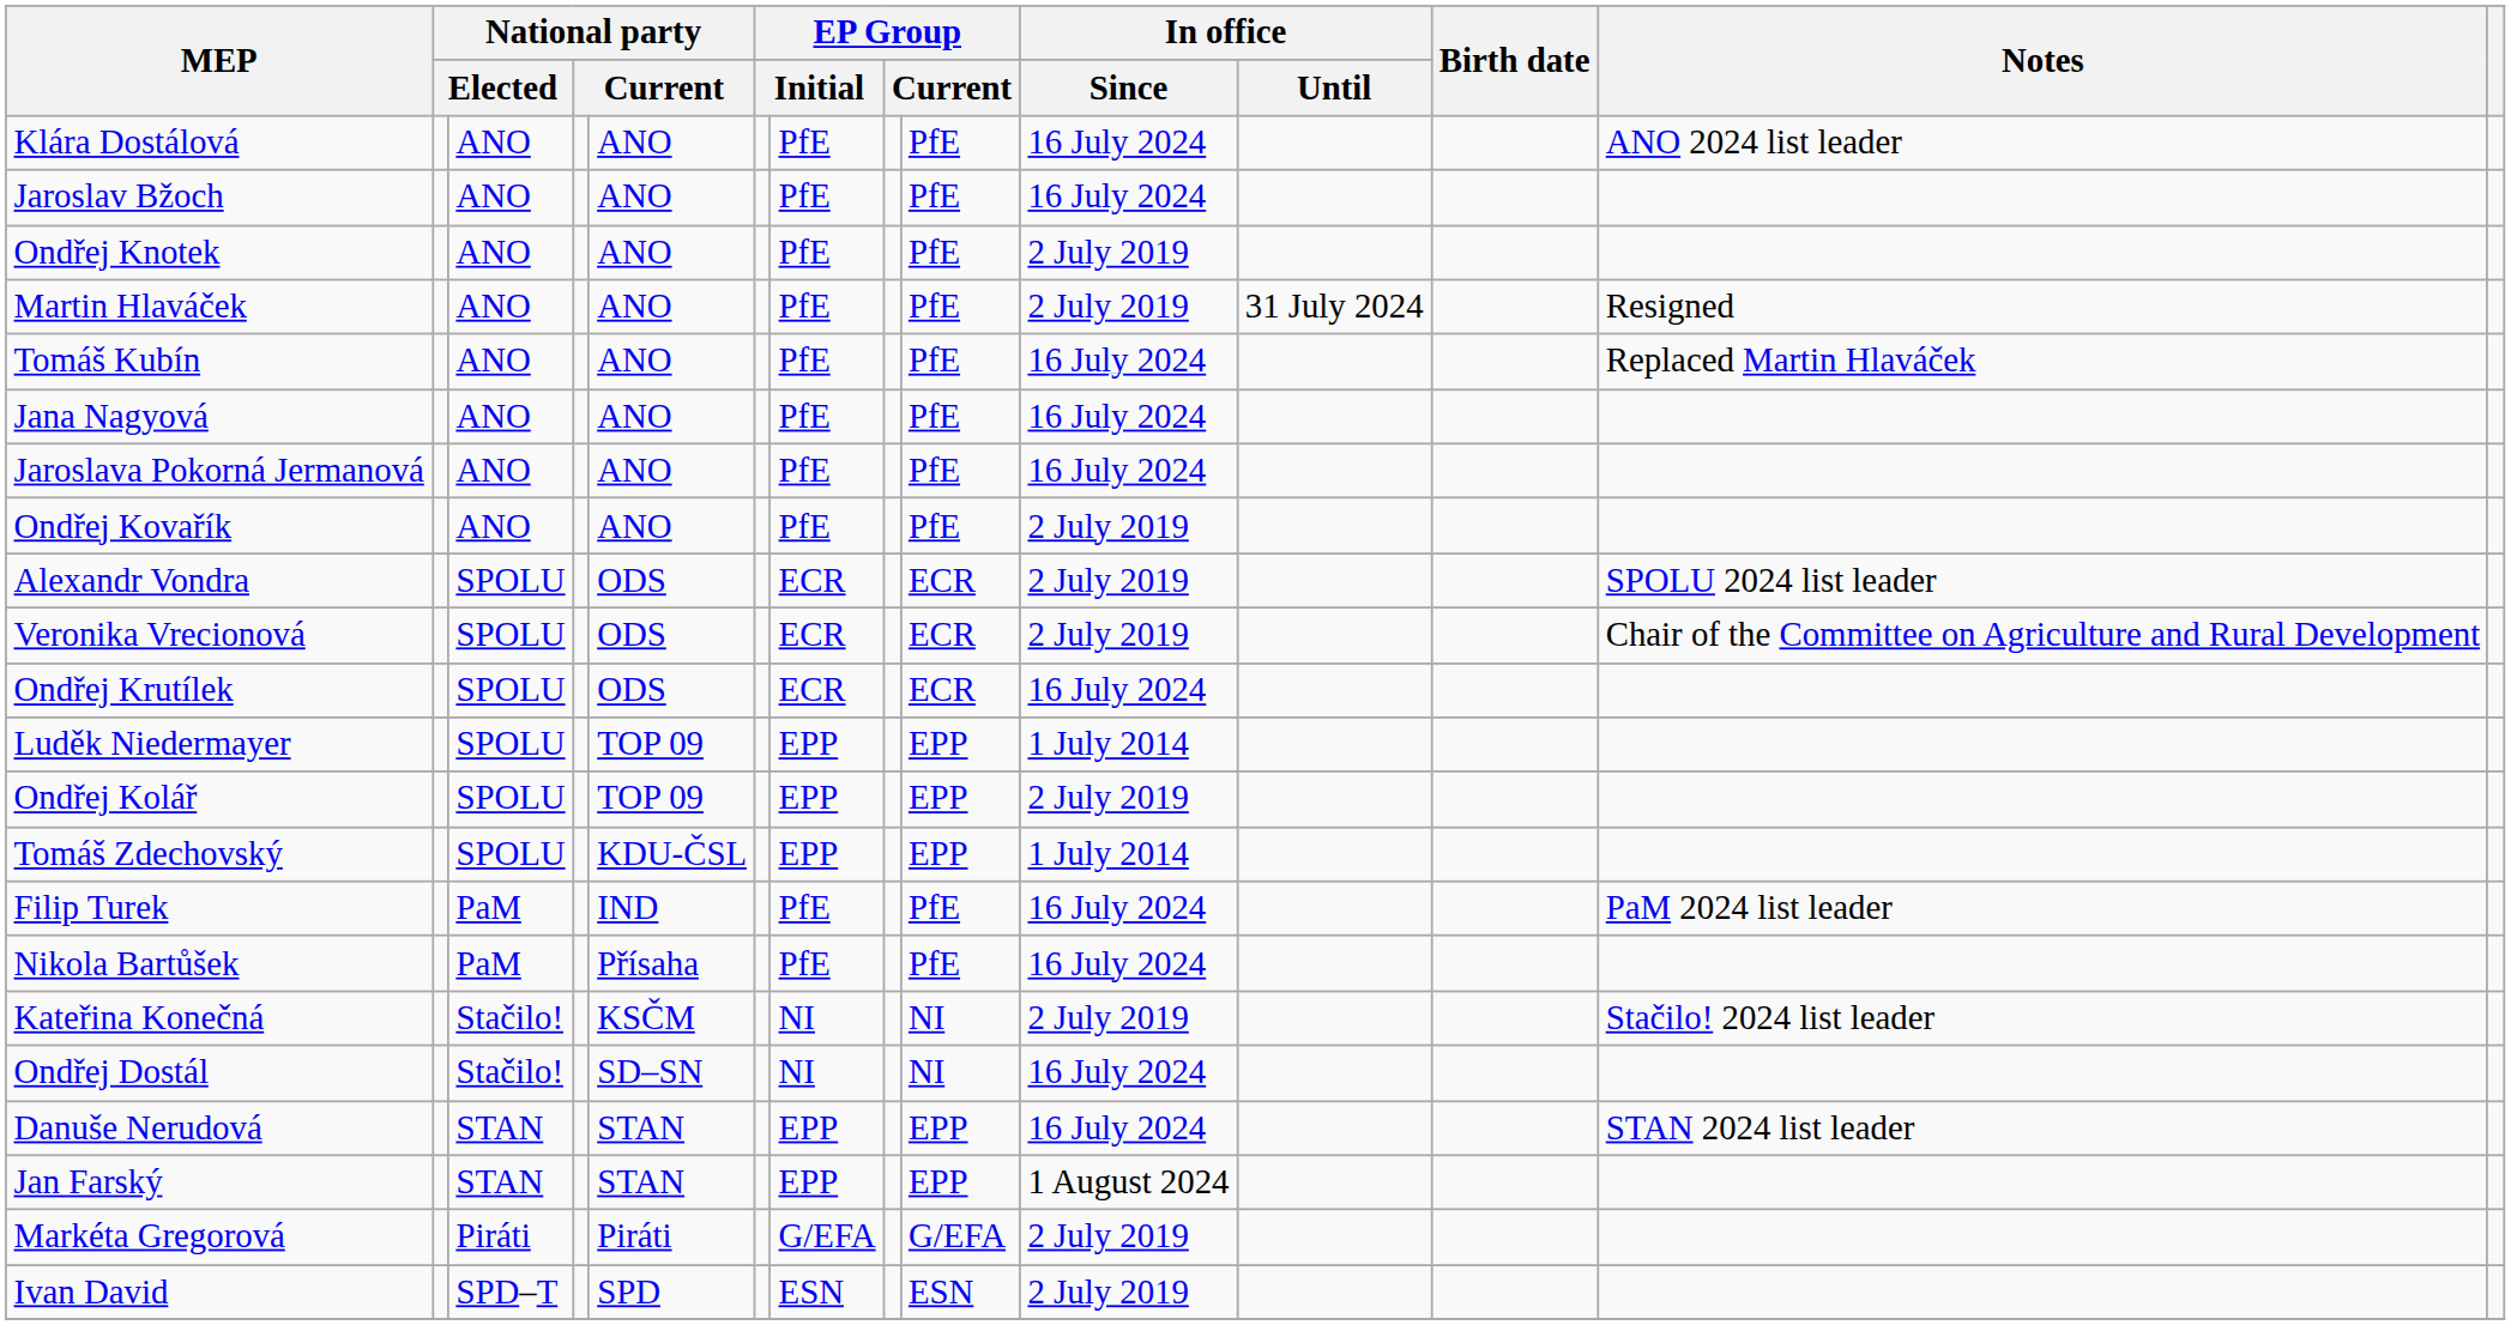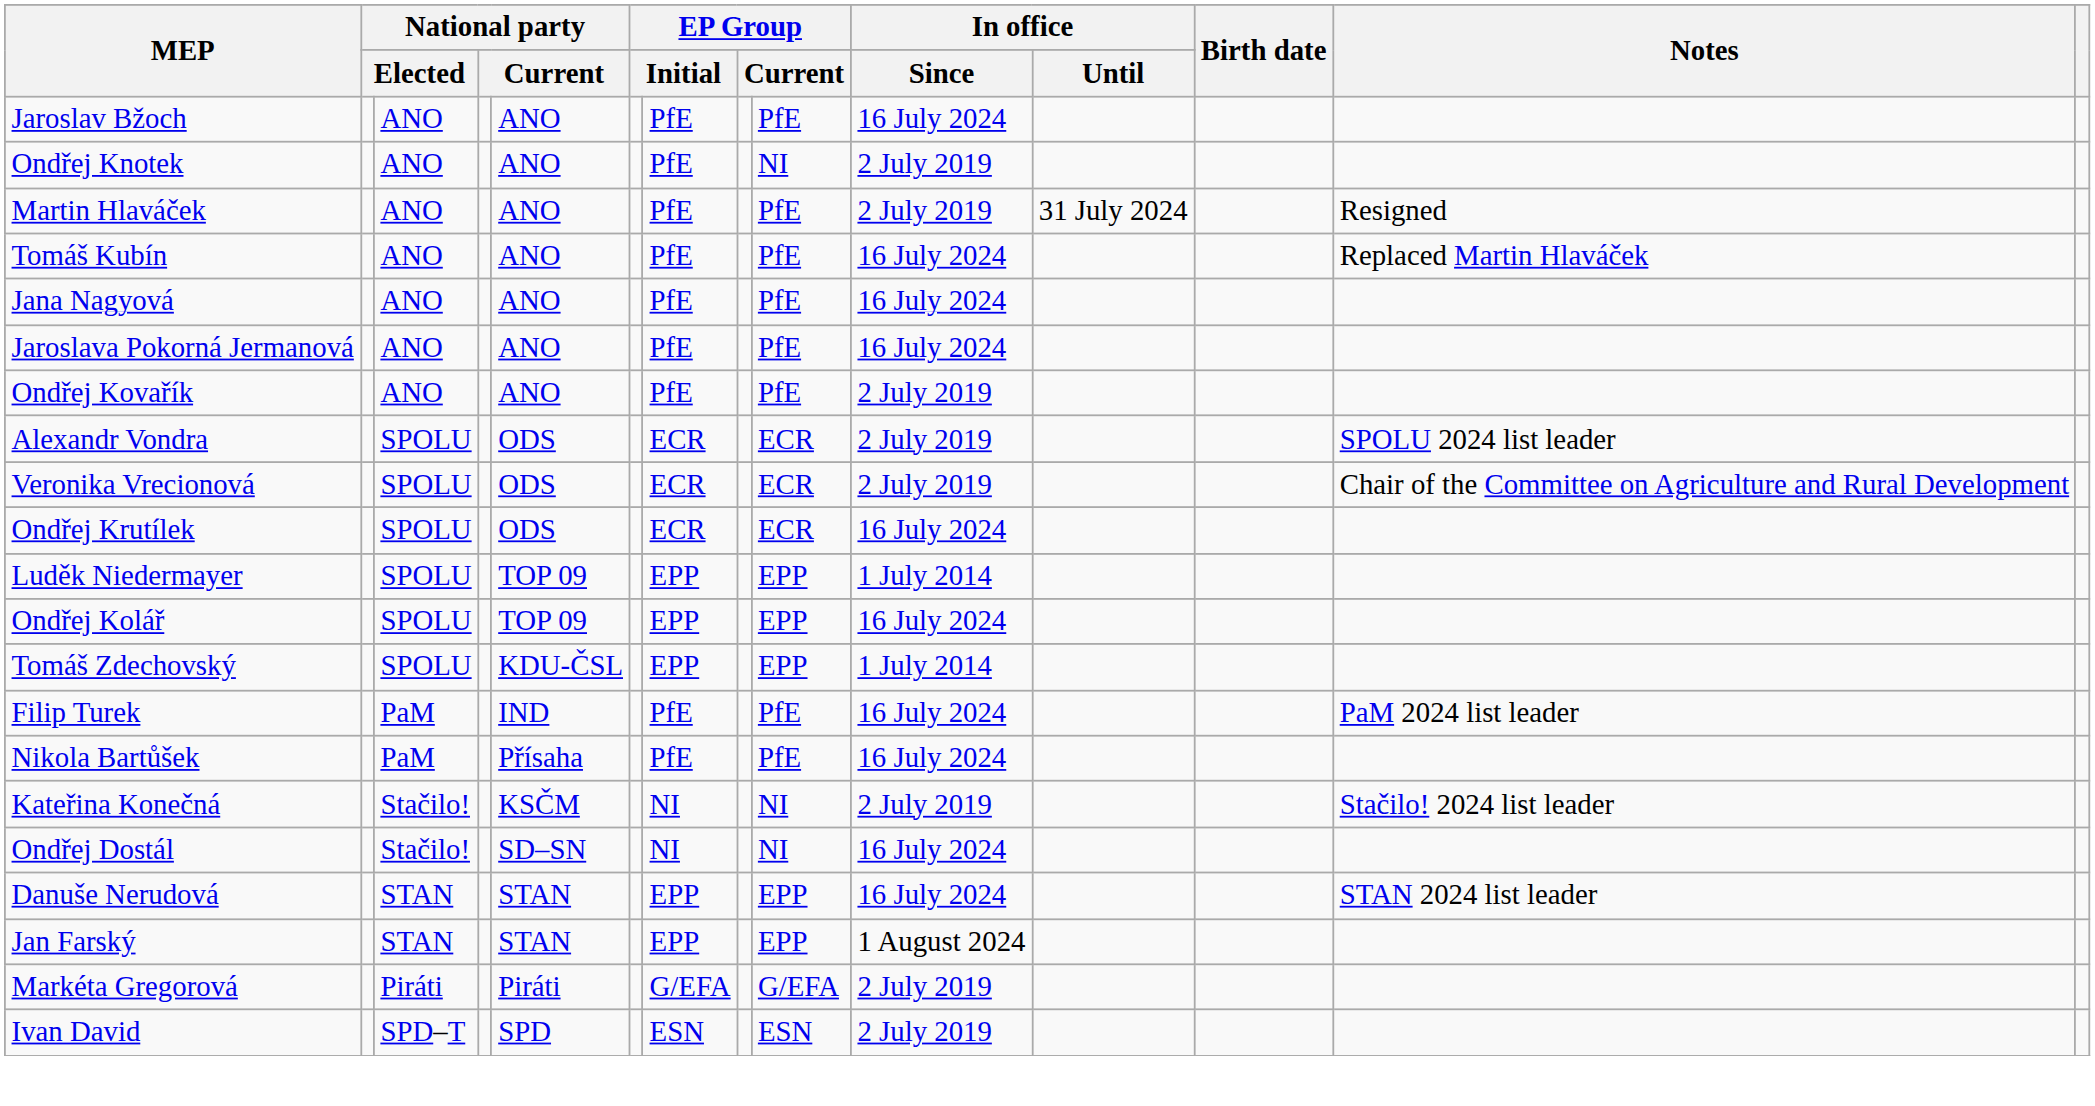 <table class="wikitable sortable" style="text-align:left">
 <tr>
 <th rowspan="2">MEP</th>
 <th colspan="4">National party</th>
 <th colspan="4"><a href='#'>EP Group</a></th>
 <th colspan="2">In office</th>
 <th rowspan="2">Birth date</th>
 <th rowspan="2">Notes</th>
 <th rowspan="2" class="unsortable"></th>
 </tr>
 <tr>
 <th colspan="2">Elected</th>
 <th colspan="2">Current</th>
 <th colspan="2">Initial</th>
 <th colspan="2">Current</th>
 <th>Since</th>
 <th>Until</th>
-</tr>
-<tr>
-<td><a href='#'>Klára Dostálová</a></td>
-<td style="background: "></td>
-<td><a href='#'>ANO</a></td>
-<td style="background: "></td>
-<td><a href='#'>ANO</a></td>
-<td style="background: "></td>
-<td><a href='#'>PfE</a></td>
-<td style="background: "></td>
-<td><a href='#'>PfE</a></td>
-<td><a href='#'>16 July 2024</a></td>
-<td></td>
-<td></td>
-<td><a href='#'>ANO</a> 2024 list leader</td>
-<td></td>
 </tr>
 <tr>
 <td><a href='#'>Jaroslav Bžoch</a></td>
 <td style="background: "></td>
 <td><a href='#'>ANO</a></td>
 <td style="background: "></td>
 <td><a href='#'>ANO</a></td>
 <td style="background: "></td>
 <td><a href='#'>PfE</a></td>
 <td style="background: "></td>
 <td><a href='#'>PfE</a></td>
 <td><a href='#'>16 July 2024</a></td>
 <td></td>
 <td></td>
 <td></td>
 <td></td>
 </tr>
 <tr>
 <td><a href='#'>Ondřej Knotek</a></td>
 <td style="background: "></td>
 <td><a href='#'>ANO</a></td>
 <td style="background: "></td>
 <td><a href='#'>ANO</a></td>
 <td style="background: "></td>
 <td><a href='#'>PfE</a></td>
 <td style="background: "></td>
-<td><a href='#'>PfE</a></td>
+<td><a href='#'>NI</a></td>
 <td><a href='#'>2 July 2019</a></td>
 <td></td>
 <td></td>
 <td></td>
 <td></td>
 </tr>
 <tr>
 <td><a href='#'>Martin Hlaváček</a></td>
 <td style="background: "></td>
 <td><a href='#'>ANO</a></td>
 <td style="background: "></td>
 <td><a href='#'>ANO</a></td>
 <td style="background: "></td>
 <td><a href='#'>PfE</a></td>
 <td style="background: "></td>
 <td><a href='#'>PfE</a></td>
 <td><a href='#'>2 July 2019</a></td>
 <td>31 July 2024</td>
 <td></td>
 <td>Resigned</td>
 <td></td>
 </tr>
 <tr>
 <td><a href='#'>Tomáš Kubín</a></td>
 <td style="background: "></td>
 <td><a href='#'>ANO</a></td>
 <td style="background: "></td>
 <td><a href='#'>ANO</a></td>
 <td style="background: "></td>
 <td><a href='#'>PfE</a></td>
 <td style="background: "></td>
 <td><a href='#'>PfE</a></td>
 <td><a href='#'>16 July 2024</a></td>
 <td></td>
 <td></td>
 <td>Replaced <a href='#'>Martin Hlaváček</a></td>
 <td></td>
 </tr>
 <tr>
 <td><a href='#'>Jana Nagyová</a></td>
 <td style="background: "></td>
 <td><a href='#'>ANO</a></td>
 <td style="background: "></td>
 <td><a href='#'>ANO</a></td>
 <td style="background: "></td>
 <td><a href='#'>PfE</a></td>
 <td style="background: "></td>
 <td><a href='#'>PfE</a></td>
 <td><a href='#'>16 July 2024</a></td>
 <td></td>
 <td></td>
 <td></td>
 <td></td>
 </tr>
 <tr>
 <td><a href='#'>Jaroslava Pokorná Jermanová</a></td>
 <td style="background: "></td>
 <td><a href='#'>ANO</a></td>
 <td style="background: "></td>
 <td><a href='#'>ANO</a></td>
 <td style="background: "></td>
 <td><a href='#'>PfE</a></td>
 <td style="background: "></td>
 <td><a href='#'>PfE</a></td>
 <td><a href='#'>16 July 2024</a></td>
 <td></td>
 <td></td>
 <td></td>
 <td></td>
 </tr>
 <tr>
 <td><a href='#'>Ondřej Kovařík</a></td>
 <td style="background: "></td>
 <td><a href='#'>ANO</a></td>
 <td style="background: "></td>
 <td><a href='#'>ANO</a></td>
 <td style="background: "></td>
 <td><a href='#'>PfE</a></td>
 <td style="background: "></td>
 <td><a href='#'>PfE</a></td>
 <td><a href='#'>2 July 2019</a></td>
 <td></td>
 <td></td>
 <td></td>
 <td></td>
 </tr>
 <tr>
 <td><a href='#'>Alexandr Vondra</a></td>
 <td style="background: "></td>
 <td><a href='#'>SPOLU</a></td>
 <td style="background: "></td>
 <td><a href='#'>ODS</a></td>
 <td style="background: "></td>
 <td><a href='#'>ECR</a></td>
 <td style="background: "></td>
 <td><a href='#'>ECR</a></td>
 <td><a href='#'>2 July 2019</a></td>
 <td></td>
 <td></td>
 <td><a href='#'>SPOLU</a> 2024 list leader</td>
 <td></td>
 </tr>
 <tr>
 <td><a href='#'>Veronika Vrecionová</a></td>
 <td style="background: "></td>
 <td><a href='#'>SPOLU</a></td>
 <td style="background: "></td>
 <td><a href='#'>ODS</a></td>
 <td style="background: "></td>
 <td><a href='#'>ECR</a></td>
 <td style="background: "></td>
 <td><a href='#'>ECR</a></td>
 <td><a href='#'>2 July 2019</a></td>
 <td></td>
 <td></td>
 <td>Chair of the <a href='#'>Committee on Agriculture and Rural Development</a></td>
 <td></td>
 </tr>
 <tr>
 <td><a href='#'>Ondřej Krutílek</a></td>
 <td style="background: "></td>
 <td><a href='#'>SPOLU</a></td>
 <td style="background: "></td>
 <td><a href='#'>ODS</a></td>
 <td style="background: "></td>
 <td><a href='#'>ECR</a></td>
 <td style="background: "></td>
 <td><a href='#'>ECR</a></td>
 <td><a href='#'>16 July 2024</a></td>
 <td></td>
 <td></td>
 <td></td>
 <td></td>
 </tr>
 <tr>
 <td><a href='#'>Luděk Niedermayer</a></td>
 <td style="background: "></td>
 <td><a href='#'>SPOLU</a></td>
 <td style="background: "></td>
 <td><a href='#'>TOP 09</a></td>
 <td style="background: "></td>
 <td><a href='#'>EPP</a></td>
 <td style="background: "></td>
 <td><a href='#'>EPP</a></td>
 <td><a href='#'>1 July 2014</a></td>
 <td></td>
 <td></td>
 <td></td>
 <td></td>
 </tr>
 <tr>
 <td><a href='#'>Ondřej Kolář</a></td>
 <td style="background: "></td>
 <td><a href='#'>SPOLU</a></td>
 <td style="background: "></td>
 <td><a href='#'>TOP 09</a></td>
 <td style="background: "></td>
 <td><a href='#'>EPP</a></td>
 <td style="background: "></td>
 <td><a href='#'>EPP</a></td>
-<td><a href='#'>2 July 2019</a></td>
+<td><a href='#'>16 July 2024</a></td>
 <td></td>
 <td></td>
 <td></td>
 <td></td>
 </tr>
 <tr>
 <td><a href='#'>Tomáš Zdechovský</a></td>
 <td style="background: "></td>
 <td><a href='#'>SPOLU</a></td>
 <td style="background: "></td>
 <td><a href='#'>KDU-ČSL</a></td>
 <td style="background: "></td>
 <td><a href='#'>EPP</a></td>
 <td style="background: "></td>
 <td><a href='#'>EPP</a></td>
 <td><a href='#'>1 July 2014</a></td>
 <td></td>
 <td></td>
 <td></td>
 <td></td>
 </tr>
 <tr>
 <td><a href='#'>Filip Turek</a></td>
 <td style="background: "></td>
 <td><a href='#'>PaM</a></td>
 <td style="background: "></td>
 <td><a href='#'>IND</a></td>
 <td style="background: "></td>
 <td><a href='#'>PfE</a></td>
 <td style="background: "></td>
 <td><a href='#'>PfE</a></td>
 <td><a href='#'>16 July 2024</a></td>
 <td></td>
 <td></td>
 <td><a href='#'>PaM</a> 2024 list leader</td>
 <td></td>
 </tr>
 <tr>
 <td><a href='#'>Nikola Bartůšek</a></td>
 <td style="background: "></td>
 <td><a href='#'>PaM</a></td>
 <td style="background: "></td>
 <td><a href='#'>Přísaha</a></td>
 <td style="background: "></td>
 <td><a href='#'>PfE</a></td>
 <td style="background: "></td>
 <td><a href='#'>PfE</a></td>
 <td><a href='#'>16 July 2024</a></td>
 <td></td>
 <td></td>
 <td></td>
 <td></td>
 </tr>
 <tr>
 <td><a href='#'>Kateřina Konečná</a></td>
 <td style="background: "></td>
 <td><a href='#'>Stačilo!</a></td>
 <td style="background: "></td>
 <td><a href='#'>KSČM</a></td>
 <td style="background: "></td>
 <td><a href='#'>NI</a></td>
 <td style="background: "></td>
 <td><a href='#'>NI</a></td>
 <td><a href='#'>2 July 2019</a></td>
 <td></td>
 <td></td>
 <td><a href='#'>Stačilo!</a> 2024 list leader</td>
 <td></td>
 </tr>
 <tr>
 <td><a href='#'>Ondřej Dostál</a></td>
 <td style="background: "></td>
 <td><a href='#'>Stačilo!</a></td>
 <td style="background: "></td>
 <td><a href='#'>SD–SN</a></td>
 <td style="background: "></td>
 <td><a href='#'>NI</a></td>
 <td style="background: "></td>
 <td><a href='#'>NI</a></td>
 <td><a href='#'>16 July 2024</a></td>
 <td></td>
 <td></td>
 <td></td>
 <td></td>
 </tr>
 <tr>
 <td><a href='#'>Danuše Nerudová</a></td>
 <td style="background: "></td>
 <td><a href='#'>STAN</a></td>
 <td style="background: "></td>
 <td><a href='#'>STAN</a></td>
 <td style="background: "></td>
 <td><a href='#'>EPP</a></td>
 <td style="background: "></td>
 <td><a href='#'>EPP</a></td>
 <td><a href='#'>16 July 2024</a></td>
 <td></td>
 <td></td>
 <td><a href='#'>STAN</a> 2024 list leader</td>
 <td></td>
 </tr>
 <tr>
 <td><a href='#'>Jan Farský</a></td>
 <td style="background: "></td>
 <td><a href='#'>STAN</a></td>
 <td style="background: "></td>
 <td><a href='#'>STAN</a></td>
 <td style="background: "></td>
 <td><a href='#'>EPP</a></td>
 <td style="background: "></td>
 <td><a href='#'>EPP</a></td>
 <td>1 August 2024</td>
 <td></td>
 <td></td>
 <td></td>
 <td></td>
 </tr>
 <tr>
 <td><a href='#'>Markéta Gregorová</a></td>
 <td style="background: "></td>
 <td><a href='#'>Piráti</a></td>
 <td style="background: "></td>
 <td><a href='#'>Piráti</a></td>
 <td style="background: "></td>
 <td><a href='#'>G/EFA</a></td>
 <td style="background: "></td>
 <td><a href='#'>G/EFA</a></td>
 <td><a href='#'>2 July 2019</a></td>
 <td></td>
 <td></td>
 <td></td>
 <td></td>
 </tr>
 <tr>
 <td><a href='#'>Ivan David</a></td>
 <td style="background: "></td>
 <td><a href='#'>SPD</a>–<a href='#'>T</a></td>
 <td style="background: "></td>
 <td><a href='#'>SPD</a></td>
 <td style="background: "></td>
 <td><a href='#'>ESN</a></td>
 <td style="background: "></td>
 <td><a href='#'>ESN</a></td>
 <td><a href='#'>2 July 2019</a></td>
 <td></td>
 <td></td>
 <td></td>
 <td></td>
 </tr>
 <tr>
 </tr>
 </table>
